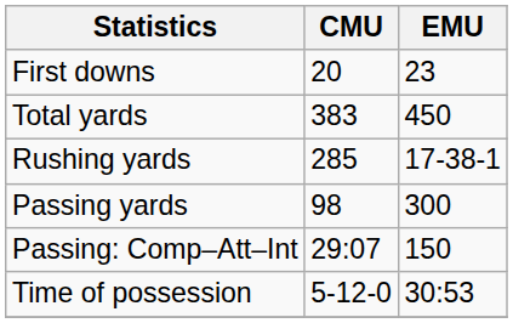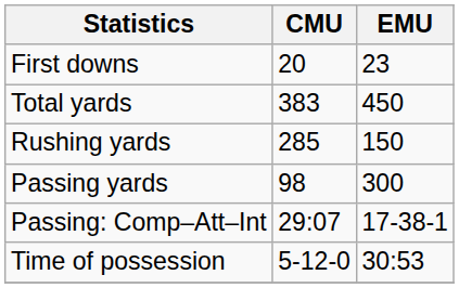 <table class="wikitable" style="float: left;">
 <tr>
 <th>Statistics</th>
 <th>CMU</th>
 <th>EMU</th>
 </tr>
 <tr>
 <td>First downs</td>
 <td>20</td>
 <td>23</td>
 </tr>
 <tr>
 <td>Total yards</td>
 <td>383</td>
 <td>450</td>
 </tr>
 <tr>
 <td>Rushing yards</td>
 <td>285</td>
-<td>17-38-1</td>
+<td>150</td>
 </tr>
 <tr>
 <td>Passing yards</td>
 <td>98</td>
 <td>300</td>
 </tr>
 <tr>
 <td>Passing: Comp–Att–Int</td>
 <td>29:07</td>
-<td>150</td>
+<td>17-38-1</td>
 </tr>
 <tr>
 <td>Time of possession</td>
 <td>5-12-0</td>
 <td>30:53</td>
 </tr>
 <tr>
 </tr>
 </table>
